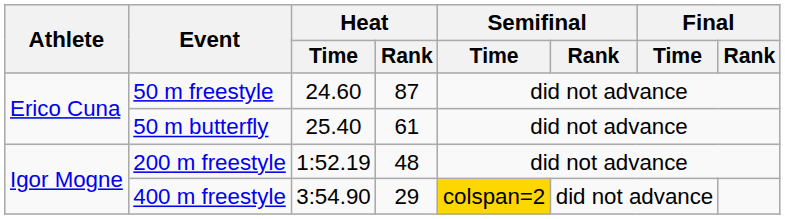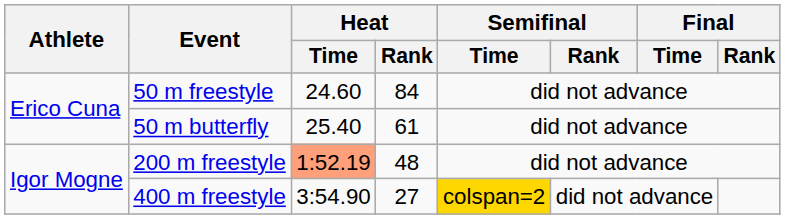 <table class="wikitable" style="text-align:center; font-size:90%">
 <tr>
 <th rowspan="2">Athlete</th>
 <th rowspan="2">Event</th>
 <th colspan="2">Heat</th>
 <th colspan="2">Semifinal</th>
 <th colspan="2">Final</th>
 </tr>
 <tr style="font-size:95%">
 <th>Time</th>
 <th>Rank</th>
 <th>Time</th>
 <th>Rank</th>
 <th>Time</th>
 <th>Rank</th>
 </tr>
 <tr>
 <td align=left rowspan=2><a href='#'>Erico Cuna</a></td>
 <td align=left><a href='#'>50 m freestyle</a></td>
 <td>24.60</td>
-<td>87</td>
+<td>84</td>
 <td colspan=4>did not advance</td>
 </tr>
 <tr>
 <td align=left><a href='#'>50 m butterfly</a></td>
 <td>25.40</td>
 <td>61</td>
 <td colspan=4>did not advance</td>
 </tr>
 <tr>
 <td align=left rowspan=2><a href='#'>Igor Mogne</a></td>
 <td align=left><a href='#'>200 m freestyle</a></td>
-<td>1:52.19</td>
+<td style="background: lightsalmon;">1:52.19</td>
 <td>48</td>
 <td colspan=4>did not advance</td>
 </tr>
 <tr>
 <td align=left><a href='#'>400 m freestyle</a></td>
 <td>3:54.90</td>
-<td>29</td>
+<td>27</td>
 <td style="background: gold;">colspan=2</td>
 <td colspan=2>did not advance</td>
 </tr>
 </table>
